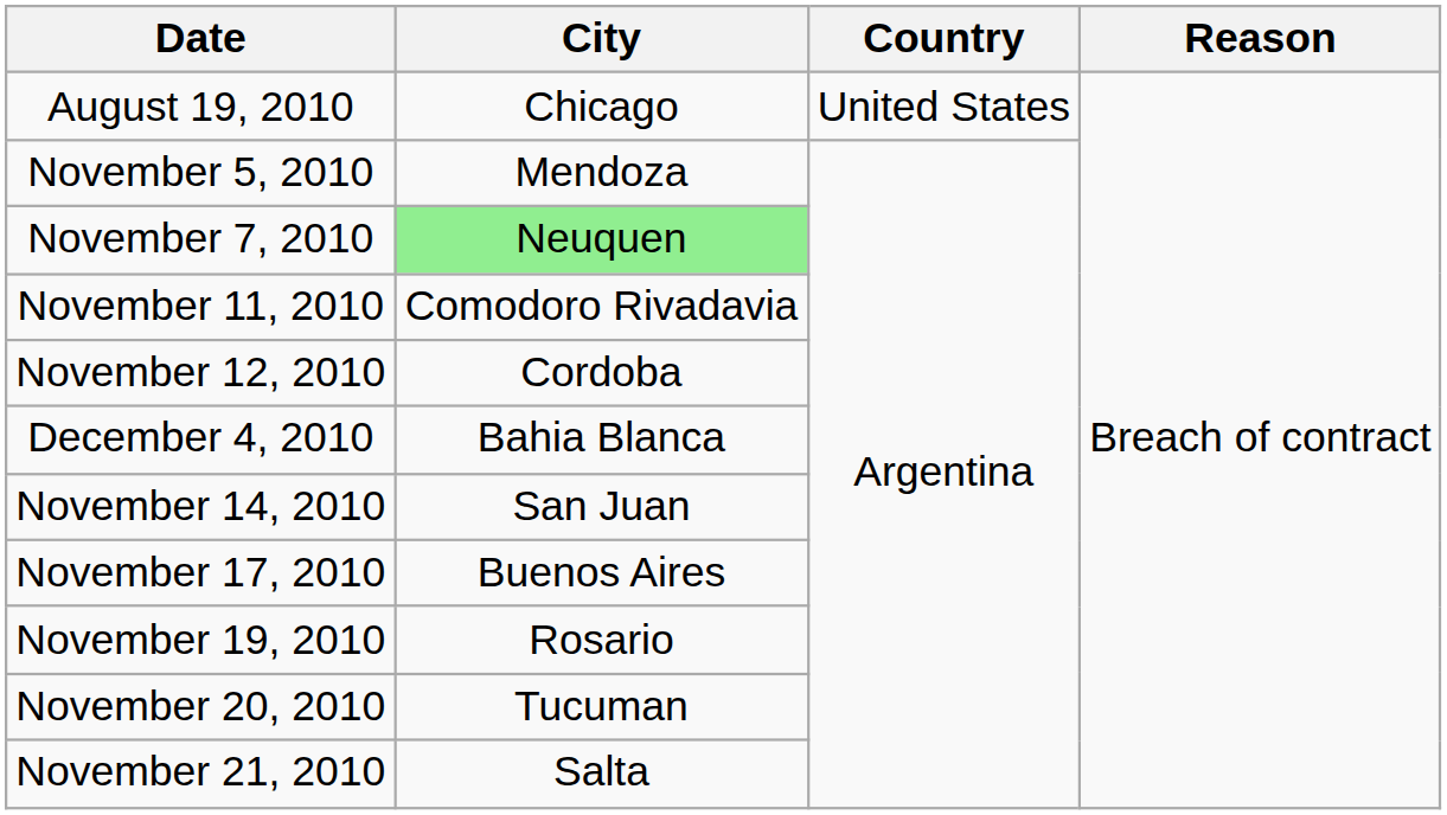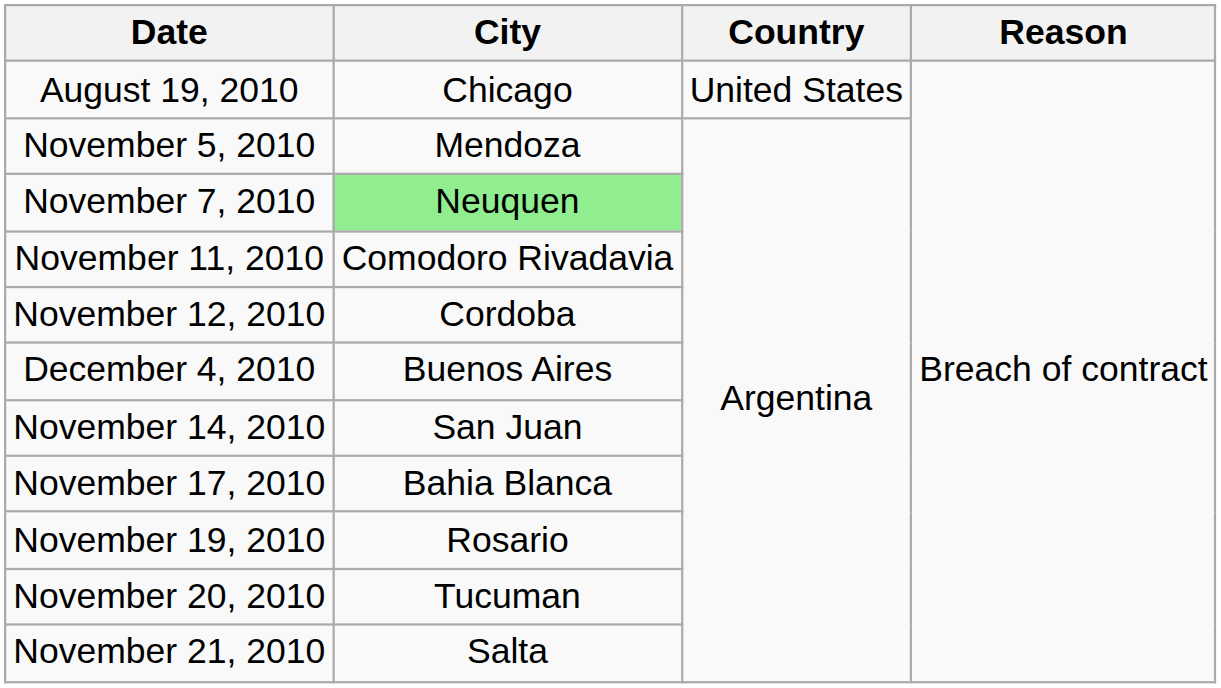 <table class="wikitable" style="text-align:center;">
 <tr>
 <th>Date</th>
 <th>City</th>
 <th>Country</th>
 <th>Reason</th>
 </tr>
 <tr>
 <td>August 19, 2010</td>
 <td>Chicago</td>
 <td>United States</td>
 <td rowspan="11">Breach of contract</td>
 </tr>
 <tr>
 <td>November 5, 2010</td>
 <td>Mendoza</td>
 <td rowspan="10">Argentina</td>
 </tr>
 <tr>
 <td>November 7, 2010</td>
 <td style="background: lightgreen;">Neuquen</td>
 </tr>
 <tr>
 <td>November 11, 2010</td>
 <td>Comodoro Rivadavia</td>
 </tr>
 <tr>
 <td>November 12, 2010</td>
 <td>Cordoba</td>
 </tr>
 <tr>
 <td>December 4, 2010</td>
-<td>Bahia Blanca</td>
+<td>Buenos Aires</td>
 </tr>
 <tr>
 <td>November 14, 2010</td>
 <td>San Juan</td>
 </tr>
 <tr>
 <td>November 17, 2010</td>
-<td>Buenos Aires</td>
+<td>Bahia Blanca</td>
 </tr>
 <tr>
 <td>November 19, 2010</td>
 <td>Rosario</td>
 </tr>
 <tr>
 <td>November 20, 2010</td>
 <td>Tucuman</td>
 </tr>
 <tr>
 <td>November 21, 2010</td>
 <td>Salta</td>
 </tr>
 </table>
